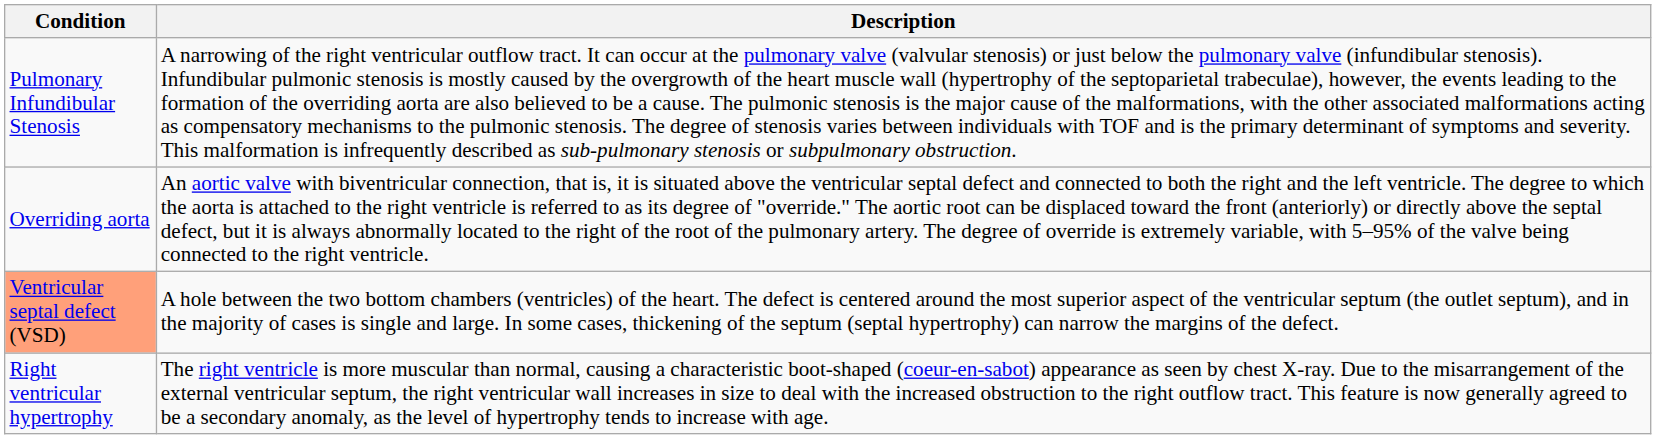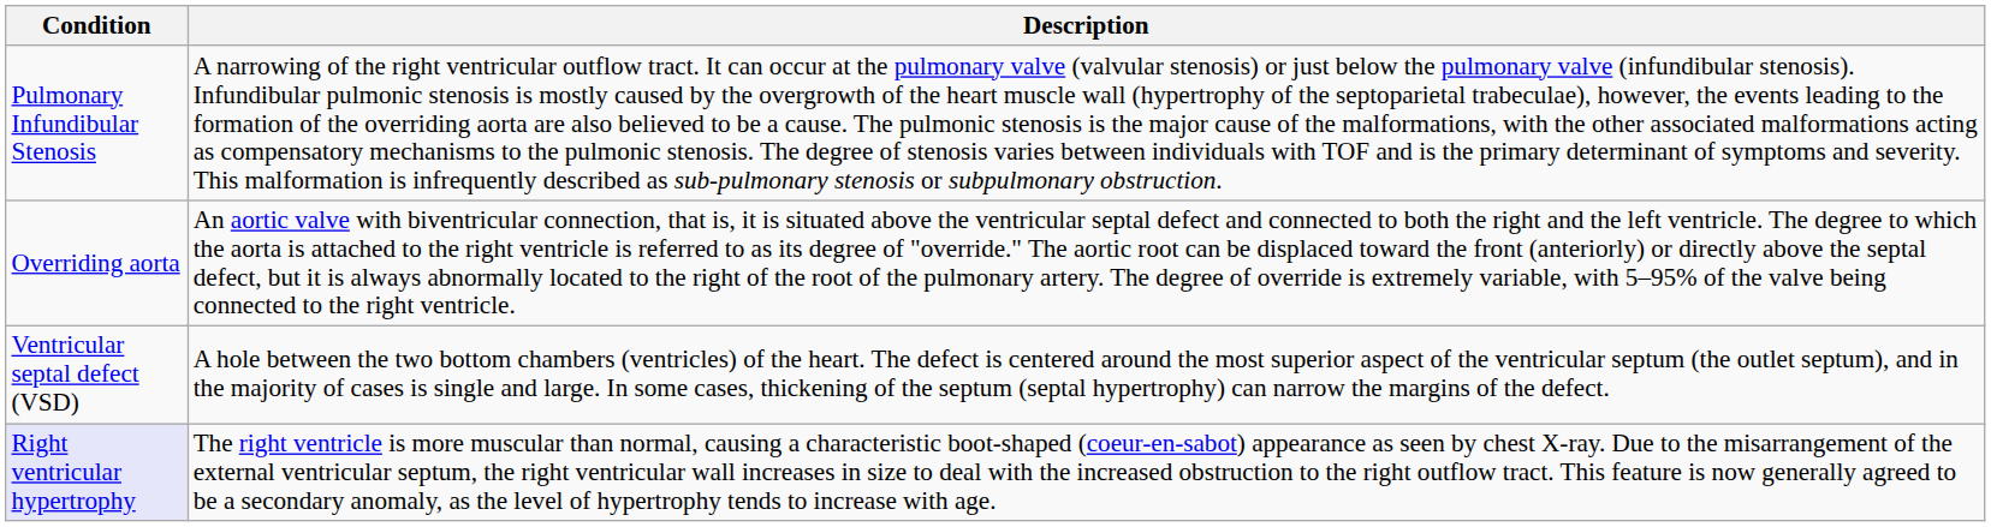 <table class="wikitable">
 <tr>
 <th>Condition</th>
 <th>Description</th>
 </tr>
 <tr>
 <td><a href='#'>Pulmonary Infundibular Stenosis</a></td>
 <td>A narrowing of the right ventricular outflow tract. It can occur at the <a href='#'>pulmonary valve</a> (valvular stenosis) or just below the <a href='#'>pulmonary valve</a> (infundibular stenosis). Infundibular pulmonic stenosis is mostly caused by the overgrowth of the heart muscle wall (hypertrophy of the septoparietal trabeculae), however, the events leading to the formation of the overriding aorta are also believed to be a cause. The pulmonic stenosis is the major cause of the malformations, with the other associated malformations acting as compensatory mechanisms to the pulmonic stenosis. The degree of stenosis varies between individuals with TOF and is the primary determinant of symptoms and severity. This malformation is infrequently described as <em>sub-pulmonary stenosis</em> or <em>subpulmonary obstruction</em>.</td>
 </tr>
 <tr>
 <td><a href='#'>Overriding aorta</a></td>
 <td>An <a href='#'>aortic valve</a> with biventricular connection, that is, it is situated above the ventricular septal defect and connected to both the right and the left ventricle. The degree to which the aorta is attached to the right ventricle is referred to as its degree of "override." The aortic root can be displaced toward the front (anteriorly) or directly above the septal defect, but it is always abnormally located to the right of the root of the pulmonary artery. The degree of override is extremely variable, with 5–95% of the valve being connected to the right ventricle.</td>
 </tr>
 <tr>
-<td style="background: lightsalmon;"><a href='#'>Ventricular septal defect</a> (VSD)</td>
+<td><a href='#'>Ventricular septal defect</a> (VSD)</td>
 <td>A hole between the two bottom chambers (ventricles) of the heart. The defect is centered around the most superior aspect of the ventricular septum (the outlet septum), and in the majority of cases is single and large. In some cases, thickening of the septum (septal hypertrophy) can narrow the margins of the defect.</td>
 </tr>
 <tr>
-<td><a href='#'>Right ventricular hypertrophy</a></td>
+<td style="background: lavender;"><a href='#'>Right ventricular hypertrophy</a></td>
 <td>The <a href='#'>right ventricle</a> is more muscular than normal, causing a characteristic boot-shaped (<a href='#'>coeur-en-sabot</a>) appearance as seen by chest X-ray. Due to the misarrangement of the external ventricular septum, the right ventricular wall increases in size to deal with the increased obstruction to the right outflow tract. This feature is now generally agreed to be a secondary anomaly, as the level of hypertrophy tends to increase with age.</td>
 </tr>
 </table>
